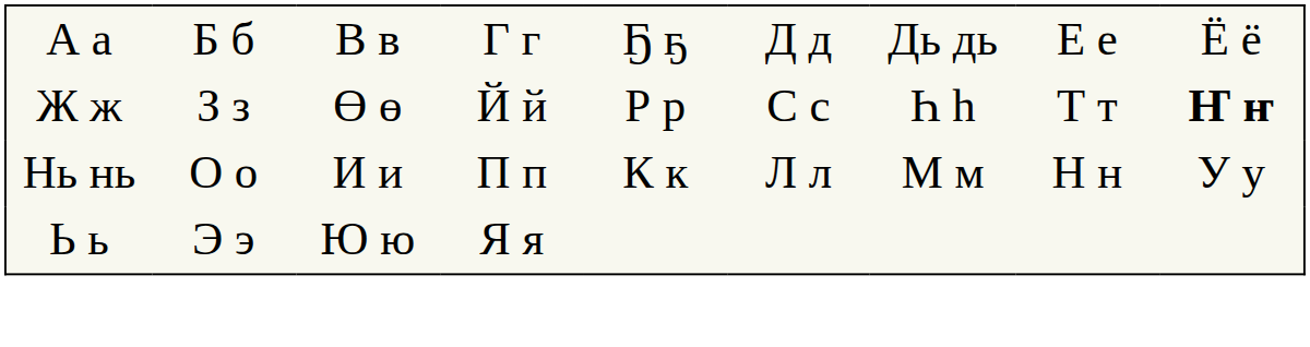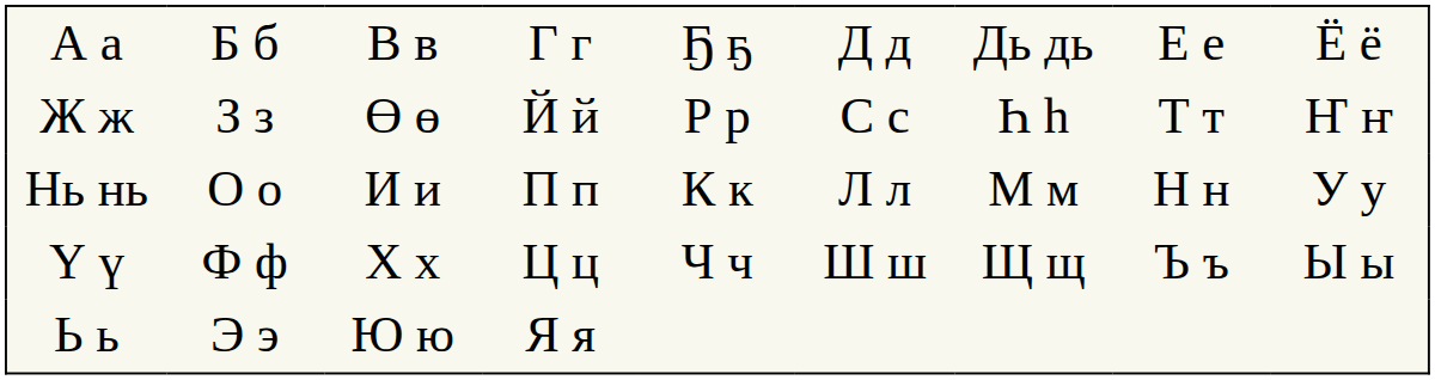 <table style="font-family:Arial Unicode MS; font-size:1.4em; border-color:#000000; border-width:1px; border-style:solid; border-collapse:collapse; background-color:#F8F8EF">
 <tr>
 <td style="width:3em; text-align:center; padding: 3px;">А а</td>
 <td style="width:3em; text-align:center; padding: 3px;">Б б</td>
 <td style="width:3em; text-align:center; padding: 3px;">В в</td>
 <td style="width:3em; text-align:center; padding: 3px;">Г г</td>
 <td style="width:3em; text-align:center; padding: 3px;">Ҕ ҕ</td>
 <td style="width:3em; text-align:center; padding: 3px;">Д д</td>
 <td style="width:3em; text-align:center; padding: 3px;">Дь дь</td>
 <td style="width:3em; text-align:center; padding: 3px;">Е е</td>
 <td style="width:3em; text-align:center; padding: 3px;">Ё ё</td>
 </tr>
 <tr>
 <td style="width:3em; text-align:center; padding: 3px;">Ж ж</td>
 <td style="width:3em; text-align:center; padding: 3px;">З з</td>
 <td style="width:3em; text-align:center; padding: 3px;">Ө ө</td>
 <td style="width:3em; text-align:center; padding: 3px;">Й й</td>
 <td style="width:3em; text-align:center; padding: 3px;">Р р</td>
 <td style="width:3em; text-align:center; padding: 3px;">С с</td>
 <td style="width:3em; text-align:center; padding: 3px;">Һ һ</td>
 <td style="width:3em; text-align:center; padding: 3px;">Т т</td>
-<td style="width:3em; text-align:center; padding: 3px;"><strong>Ҥ ҥ</strong></td>
+<td style="width:3em; text-align:center; padding: 3px;">Ҥ ҥ</td>
 </tr>
 <tr>
 <td style="width:3em; text-align:center; padding: 3px;">Нь нь</td>
 <td style="width:3em; text-align:center; padding: 3px;">О о</td>
 <td style="width:3em; text-align:center; padding: 3px;">И и</td>
 <td style="width:3em; text-align:center; padding: 3px;">П п</td>
 <td style="width:3em; text-align:center; padding: 3px;">К к</td>
 <td style="width:3em; text-align:center; padding: 3px;">Л л</td>
 <td style="width:3em; text-align:center; padding: 3px;">М м</td>
 <td style="width:3em; text-align:center; padding: 3px;">Н н</td>
 <td style="width:3em; text-align:center; padding: 3px;">У у</td>
 </tr>
 <tr>
+<td style="width:3em; text-align:center; padding: 3px;">Ү ү</td>
+<td style="width:3em; text-align:center; padding: 3px;">Ф ф</td>
+<td style="width:3em; text-align:center; padding: 3px;">Х х</td>
+<td style="width:3em; text-align:center; padding: 3px;">Ц ц</td>
+<td style="width:3em; text-align:center; padding: 3px;">Ч ч</td>
+<td style="width:3em; text-align:center; padding: 3px;">Ш ш</td>
+<td style="width:3em; text-align:center; padding: 3px;">Щ щ</td>
+<td style="width:3em; text-align:center; padding: 3px;">Ъ ъ</td>
+<td style="width:3em; text-align:center; padding: 3px;">Ы ы</td>
+</tr>
+<tr>
 <td style="width:3em; text-align:center; padding: 3px;">Ь ь</td>
 <td style="width:3em; text-align:center; padding: 3px;">Э э</td>
 <td style="width:3em; text-align:center; padding: 3px;">Ю ю</td>
 <td style="width:3em; text-align:center; padding: 3px;">Я я</td>
 </tr>
 </table>
